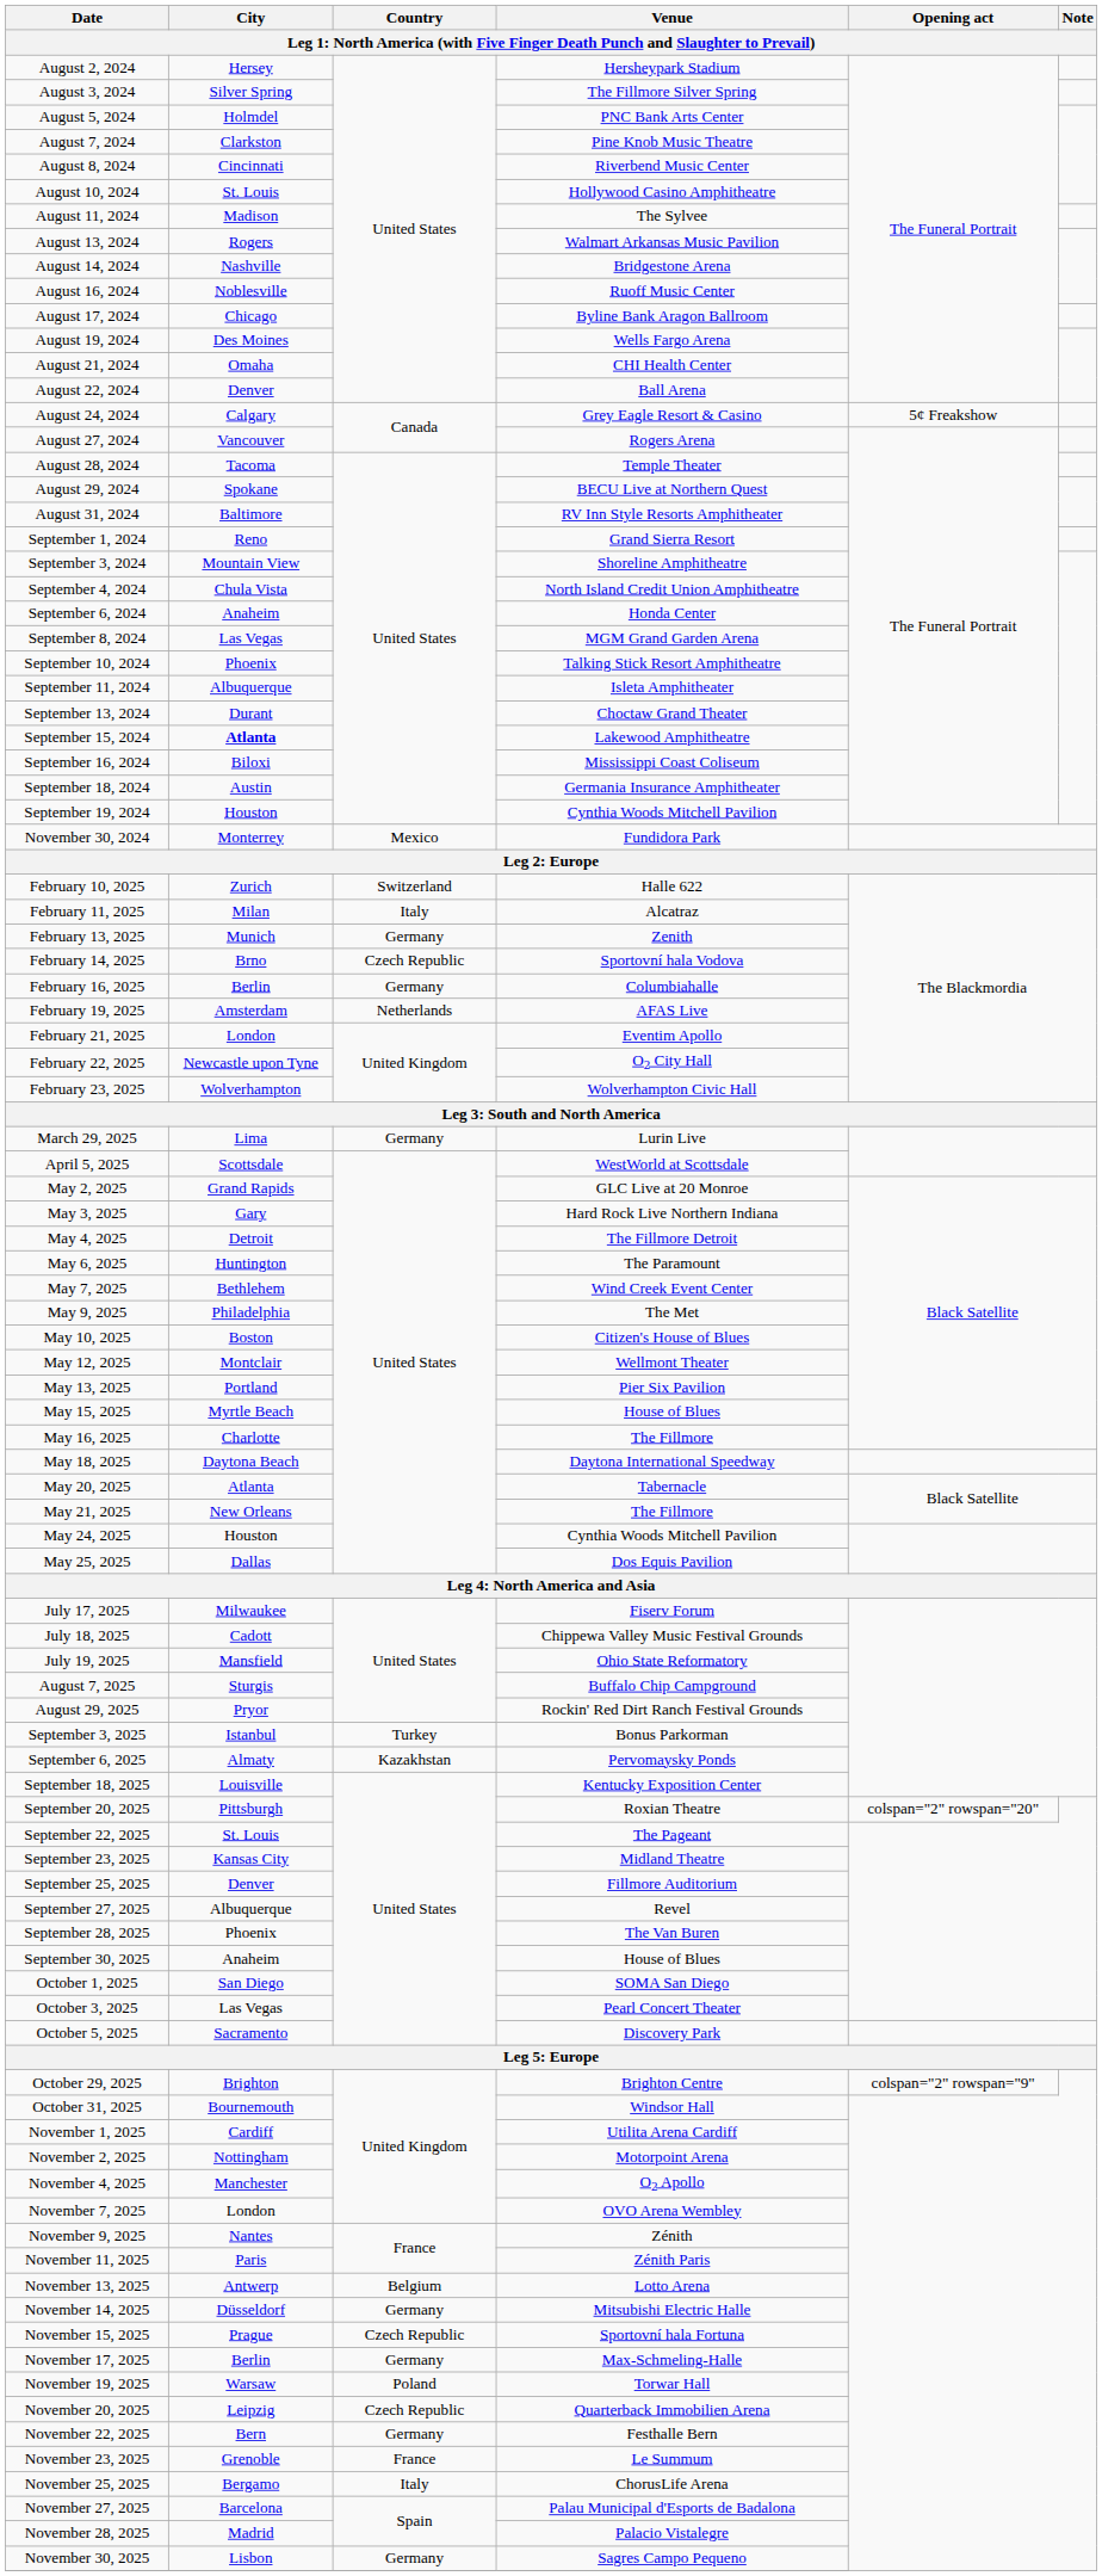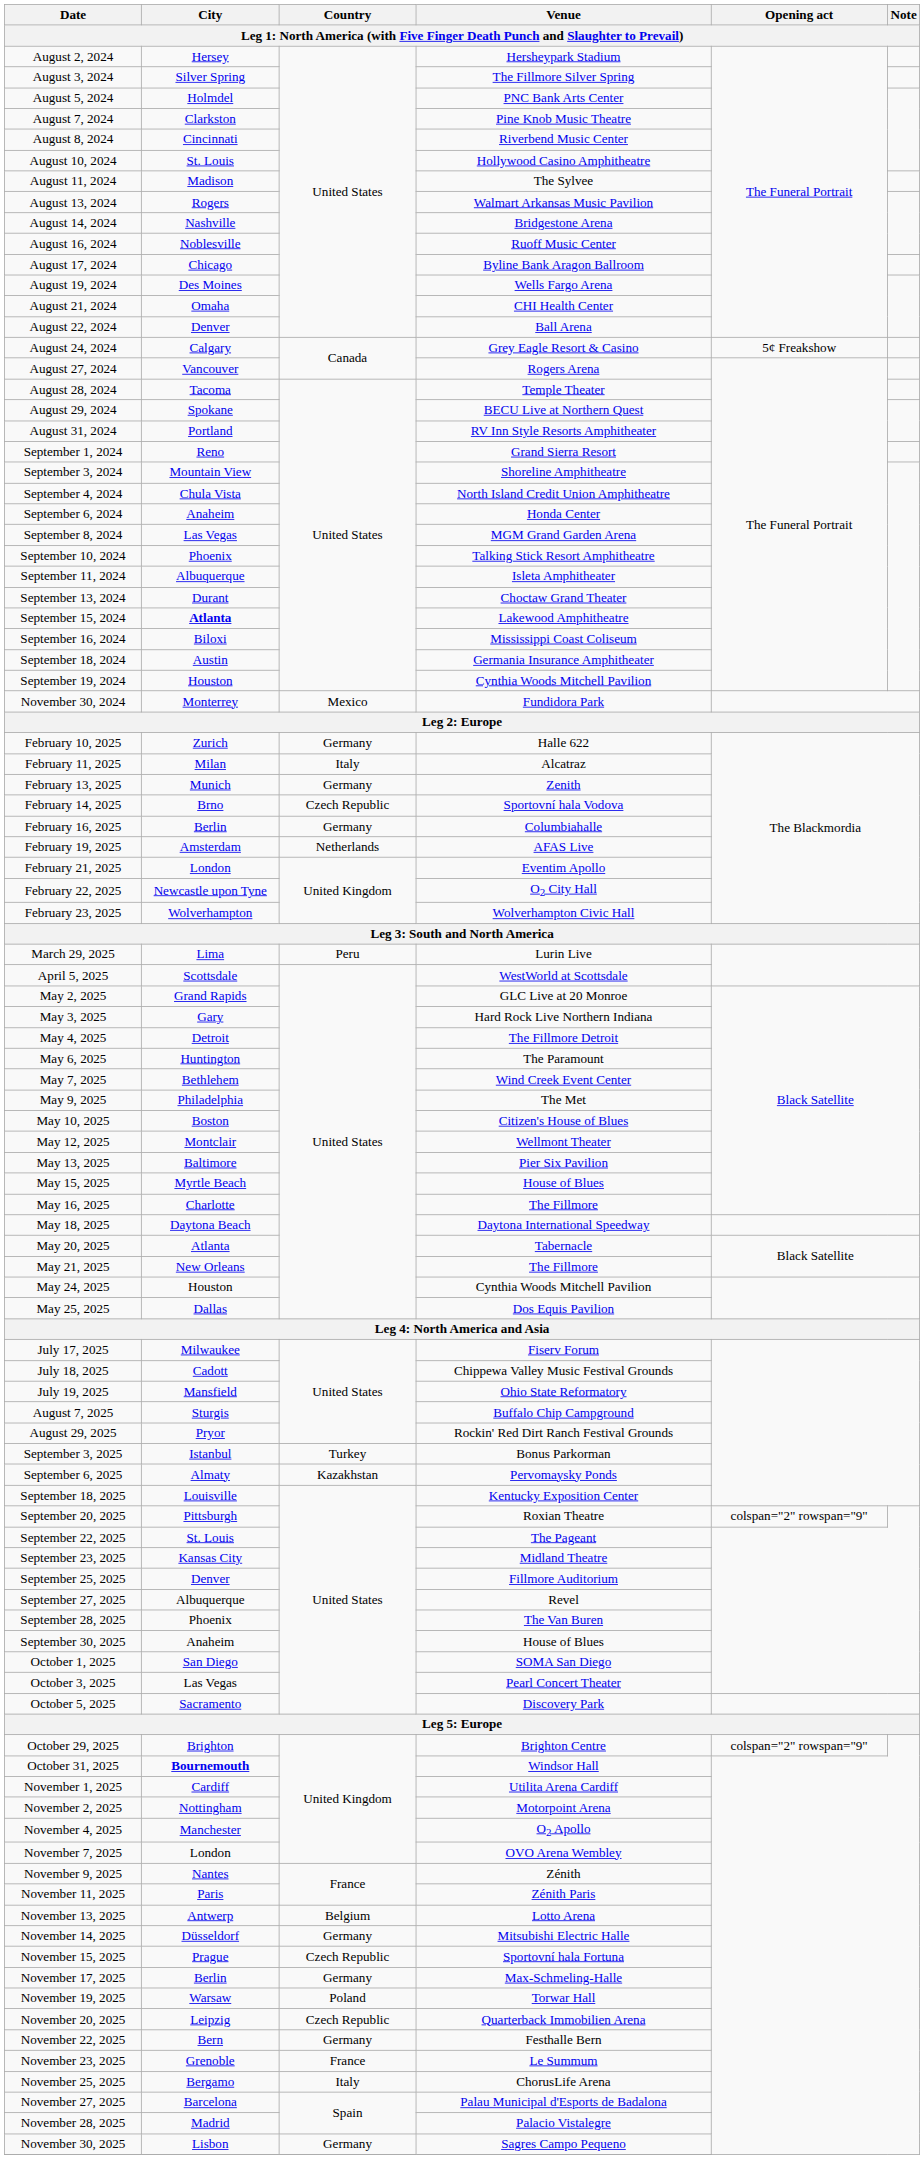 <table class="wikitable" style="text-align:center;">
 <tr>
 <th scope="col" style="width:10em;">Date</th>
 <th scope="col" style="width:10em;">City</th>
 <th scope="col" style="width:10em;">Country</th>
 <th scope="col" style="width:22em;">Venue</th>
 <th scope="col" style="width:13em;">Opening act</th>
 <th scope="col" style="width:2em;">Note</th>
 </tr>
 <tr>
 <th colspan="6">Leg 1: North America (with <a href='#'>Five Finger Death Punch</a> and <a href='#'>Slaughter to Prevail</a>)</th>
 </tr>
 <tr>
 <td>August 2, 2024</td>
 <td><a href='#'>Hersey</a></td>
 <td rowspan="14">United States</td>
 <td><a href='#'>Hersheypark Stadium</a></td>
 <td rowspan="14"><a href='#'>The Funeral Portrait</a></td>
 <td></td>
 </tr>
 <tr>
 <td>August 3, 2024</td>
 <td><a href='#'>Silver Spring</a></td>
 <td><a href='#'>The Fillmore Silver Spring</a></td>
 <td></td>
 </tr>
 <tr>
 <td>August 5, 2024</td>
 <td><a href='#'>Holmdel</a></td>
 <td><a href='#'>PNC Bank Arts Center</a></td>
 <td rowspan="4"></td>
 </tr>
 <tr>
 <td>August 7, 2024</td>
 <td><a href='#'>Clarkston</a></td>
 <td><a href='#'>Pine Knob Music Theatre</a></td>
 </tr>
 <tr>
 <td>August 8, 2024</td>
 <td><a href='#'>Cincinnati</a></td>
 <td><a href='#'>Riverbend Music Center</a></td>
 </tr>
 <tr>
 <td>August 10, 2024</td>
 <td><a href='#'>St. Louis</a></td>
 <td><a href='#'>Hollywood Casino Amphitheatre</a></td>
 </tr>
 <tr>
 <td>August 11, 2024</td>
 <td><a href='#'>Madison</a></td>
 <td>The Sylvee</td>
 <td></td>
 </tr>
 <tr>
 <td>August 13, 2024</td>
 <td><a href='#'>Rogers</a></td>
 <td><a href='#'>Walmart Arkansas Music Pavilion</a></td>
 <td rowspan="3"></td>
 </tr>
 <tr>
 <td>August 14, 2024</td>
 <td><a href='#'>Nashville</a></td>
 <td><a href='#'>Bridgestone Arena</a></td>
 </tr>
 <tr>
 <td>August 16, 2024</td>
 <td><a href='#'>Noblesville</a></td>
 <td><a href='#'>Ruoff Music Center</a></td>
 </tr>
 <tr>
 <td>August 17, 2024</td>
 <td><a href='#'>Chicago</a></td>
 <td><a href='#'>Byline Bank Aragon Ballroom</a></td>
 <td></td>
 </tr>
 <tr>
 <td>August 19, 2024</td>
 <td><a href='#'>Des Moines</a></td>
 <td><a href='#'>Wells Fargo Arena</a></td>
 <td rowspan="3"></td>
 </tr>
 <tr>
 <td>August 21, 2024</td>
 <td><a href='#'>Omaha</a></td>
 <td><a href='#'>CHI Health Center</a></td>
 </tr>
 <tr>
 <td>August 22, 2024</td>
 <td><a href='#'>Denver</a></td>
 <td><a href='#'>Ball Arena</a></td>
 </tr>
 <tr>
 <td>August 24, 2024</td>
 <td><a href='#'>Calgary</a></td>
 <td rowspan="2">Canada</td>
 <td><a href='#'>Grey Eagle Resort & Casino</a></td>
 <td>5¢ Freakshow</td>
 <td></td>
 </tr>
 <tr>
 <td>August 27, 2024</td>
 <td><a href='#'>Vancouver</a></td>
 <td><a href='#'>Rogers Arena</a></td>
 <td rowspan="16">The Funeral Portrait</td>
 <td></td>
 </tr>
 <tr>
 <td>August 28, 2024</td>
 <td><a href='#'>Tacoma</a></td>
 <td rowspan="15">United States</td>
 <td><a href='#'>Temple Theater</a></td>
 <td></td>
 </tr>
 <tr>
 <td>August 29, 2024</td>
 <td><a href='#'>Spokane</a></td>
 <td><a href='#'>BECU Live at Northern Quest</a></td>
 <td rowspan="2"></td>
 </tr>
 <tr>
 <td>August 31, 2024</td>
-<td><a href='#'>Baltimore</a></td>
+<td><a href='#'>Portland</a></td>
 <td><a href='#'>RV Inn Style Resorts Amphitheater</a></td>
 </tr>
 <tr>
 <td>September 1, 2024</td>
 <td><a href='#'>Reno</a></td>
 <td><a href='#'>Grand Sierra Resort</a></td>
 <td></td>
 </tr>
 <tr>
 <td>September 3, 2024</td>
 <td><a href='#'>Mountain View</a></td>
 <td><a href='#'>Shoreline Amphitheatre</a></td>
 <td rowspan="11"></td>
 </tr>
 <tr>
 <td>September 4, 2024</td>
 <td><a href='#'>Chula Vista</a></td>
 <td><a href='#'>North Island Credit Union Amphitheatre</a></td>
 </tr>
 <tr>
 <td>September 6, 2024</td>
 <td><a href='#'>Anaheim</a></td>
 <td><a href='#'>Honda Center</a></td>
 </tr>
 <tr>
 <td>September 8, 2024</td>
 <td><a href='#'>Las Vegas</a></td>
 <td><a href='#'>MGM Grand Garden Arena</a></td>
 </tr>
 <tr>
 <td>September 10, 2024</td>
 <td><a href='#'>Phoenix</a></td>
 <td><a href='#'>Talking Stick Resort Amphitheatre</a></td>
 </tr>
 <tr>
 <td>September 11, 2024</td>
 <td><a href='#'>Albuquerque</a></td>
 <td><a href='#'>Isleta Amphitheater</a></td>
 </tr>
 <tr>
 <td>September 13, 2024</td>
 <td><a href='#'>Durant</a></td>
 <td><a href='#'>Choctaw Grand Theater</a></td>
 </tr>
 <tr>
 <td>September 15, 2024</td>
 <td><strong><a href='#'>Atlanta</a></strong></td>
 <td><a href='#'>Lakewood Amphitheatre</a></td>
 </tr>
 <tr>
 <td>September 16, 2024</td>
 <td><a href='#'>Biloxi</a></td>
 <td><a href='#'>Mississippi Coast Coliseum</a></td>
 </tr>
 <tr>
 <td>September 18, 2024</td>
 <td><a href='#'>Austin</a></td>
 <td><a href='#'>Germania Insurance Amphitheater</a></td>
 </tr>
 <tr>
 <td>September 19, 2024</td>
 <td><a href='#'>Houston</a></td>
 <td><a href='#'>Cynthia Woods Mitchell Pavilion</a></td>
 </tr>
 <tr>
 <td>November 30, 2024</td>
 <td><a href='#'>Monterrey</a></td>
 <td>Mexico</td>
 <td><a href='#'>Fundidora Park</a></td>
 <td colspan="2"></td>
 </tr>
 <tr>
 <th colspan="6">Leg 2: Europe</th>
 </tr>
 <tr>
 <td>February 10, 2025</td>
 <td><a href='#'>Zurich</a></td>
-<td>Switzerland</td>
+<td>Germany</td>
 <td>Halle 622</td>
 <td colspan="2" rowspan="9">The Blackmordia</td>
 </tr>
 <tr>
 <td>February 11, 2025</td>
 <td><a href='#'>Milan</a></td>
 <td>Italy</td>
 <td>Alcatraz</td>
 </tr>
 <tr>
 <td>February 13, 2025</td>
 <td><a href='#'>Munich</a></td>
 <td>Germany</td>
 <td><a href='#'>Zenith</a></td>
 </tr>
 <tr>
 <td>February 14, 2025</td>
 <td><a href='#'>Brno</a></td>
 <td>Czech Republic</td>
 <td><a href='#'>Sportovní hala Vodova</a></td>
 </tr>
 <tr>
 <td>February 16, 2025</td>
 <td><a href='#'>Berlin</a></td>
 <td>Germany</td>
 <td><a href='#'>Columbiahalle</a></td>
 </tr>
 <tr>
 <td>February 19, 2025</td>
 <td><a href='#'>Amsterdam</a></td>
 <td>Netherlands</td>
 <td><a href='#'>AFAS Live</a></td>
 </tr>
 <tr>
 <td>February 21, 2025</td>
 <td><a href='#'>London</a></td>
 <td rowspan="3">United Kingdom</td>
 <td><a href='#'>Eventim Apollo</a></td>
 </tr>
 <tr>
 <td>February 22, 2025</td>
 <td><a href='#'>Newcastle upon Tyne</a></td>
 <td><a href='#'>O<sub>2</sub> City Hall</a></td>
 </tr>
 <tr>
 <td>February 23, 2025</td>
 <td><a href='#'>Wolverhampton</a></td>
 <td><a href='#'>Wolverhampton Civic Hall</a></td>
 </tr>
 <tr>
 <th colspan="6">Leg 3: South and North America</th>
 </tr>
 <tr>
 <td>March 29, 2025</td>
 <td><a href='#'>Lima</a></td>
-<td>Germany</td>
+<td>Peru</td>
 <td>Lurin Live</td>
 <td rowspan="2" colspan="2"></td>
 </tr>
 <tr>
 <td>April 5, 2025</td>
 <td><a href='#'>Scottsdale</a></td>
 <td rowspan="17">United States</td>
 <td><a href='#'>WestWorld at Scottsdale</a></td>
 </tr>
 <tr>
 <td>May 2, 2025</td>
 <td><a href='#'>Grand Rapids</a></td>
 <td>GLC Live at 20 Monroe</td>
 <td colspan="2" rowspan="11"><a href='#'>Black Satellite</a></td>
 </tr>
 <tr>
 <td>May 3, 2025</td>
 <td><a href='#'>Gary</a></td>
 <td>Hard Rock Live Northern Indiana</td>
 </tr>
 <tr>
 <td>May 4, 2025</td>
 <td><a href='#'>Detroit</a></td>
 <td><a href='#'>The Fillmore Detroit</a></td>
 </tr>
 <tr>
 <td>May 6, 2025</td>
 <td><a href='#'>Huntington</a></td>
 <td>The Paramount</td>
 </tr>
 <tr>
 <td>May 7, 2025</td>
 <td><a href='#'>Bethlehem</a></td>
 <td><a href='#'>Wind Creek Event Center</a></td>
 </tr>
 <tr>
 <td>May 9, 2025</td>
 <td><a href='#'>Philadelphia</a></td>
 <td>The Met</td>
 </tr>
 <tr>
 <td>May 10, 2025</td>
 <td><a href='#'>Boston</a></td>
 <td><a href='#'>Citizen's House of Blues</a></td>
 </tr>
 <tr>
 <td>May 12, 2025</td>
 <td><a href='#'>Montclair</a></td>
 <td><a href='#'>Wellmont Theater</a></td>
 </tr>
 <tr>
 <td>May 13, 2025</td>
-<td><a href='#'>Portland</a></td>
+<td><a href='#'>Baltimore</a></td>
 <td><a href='#'>Pier Six Pavilion</a></td>
 </tr>
 <tr>
 <td>May 15, 2025</td>
 <td><a href='#'>Myrtle Beach</a></td>
 <td><a href='#'>House of Blues</a></td>
 </tr>
 <tr>
 <td>May 16, 2025</td>
 <td><a href='#'>Charlotte</a></td>
 <td><a href='#'>The Fillmore</a></td>
 </tr>
 <tr>
 <td>May 18, 2025</td>
 <td><a href='#'>Daytona Beach</a></td>
 <td><a href='#'>Daytona International Speedway</a></td>
 <td colspan="2"></td>
 </tr>
 <tr>
 <td>May 20, 2025</td>
 <td><a href='#'>Atlanta</a></td>
 <td><a href='#'>Tabernacle</a></td>
 <td colspan="2" rowspan="2">Black Satellite</td>
 </tr>
 <tr>
 <td>May 21, 2025</td>
 <td><a href='#'>New Orleans</a></td>
 <td><a href='#'>The Fillmore</a></td>
 </tr>
 <tr>
 <td>May 24, 2025</td>
 <td>Houston</td>
 <td>Cynthia Woods Mitchell Pavilion</td>
 <td rowspan="2" colspan="2"></td>
 </tr>
 <tr>
 <td>May 25, 2025</td>
 <td><a href='#'>Dallas</a></td>
 <td><a href='#'>Dos Equis Pavilion</a></td>
 </tr>
 <tr>
 <th colspan="6">Leg 4: North America and Asia</th>
 </tr>
 <tr>
 <td>July 17, 2025</td>
 <td><a href='#'>Milwaukee</a></td>
 <td rowspan="5">United States</td>
 <td><a href='#'>Fiserv Forum</a></td>
 <td rowspan="8" colspan="2"></td>
 </tr>
 <tr>
 <td>July 18, 2025</td>
 <td><a href='#'>Cadott</a></td>
 <td>Chippewa Valley Music Festival Grounds</td>
 </tr>
 <tr>
 <td>July 19, 2025</td>
 <td><a href='#'>Mansfield</a></td>
 <td><a href='#'>Ohio State Reformatory</a></td>
 </tr>
 <tr>
 <td>August 7, 2025</td>
 <td><a href='#'>Sturgis</a></td>
 <td><a href='#'>Buffalo Chip Campground</a></td>
 </tr>
 <tr>
 <td>August 29, 2025</td>
 <td><a href='#'>Pryor</a></td>
 <td>Rockin' Red Dirt Ranch Festival Grounds</td>
 </tr>
 <tr>
 <td>September 3, 2025</td>
 <td><a href='#'>Istanbul</a></td>
 <td>Turkey</td>
 <td>Bonus Parkorman</td>
 </tr>
 <tr>
 <td>September 6, 2025</td>
 <td><a href='#'>Almaty</a></td>
 <td>Kazakhstan</td>
 <td><a href='#'>Pervomaysky Ponds</a></td>
 </tr>
 <tr>
 <td>September 18, 2025</td>
 <td><a href='#'>Louisville</a></td>
 <td rowspan="11">United States</td>
 <td><a href='#'>Kentucky Exposition Center</a></td>
 </tr>
 <tr>
 <td>September 20, 2025</td>
 <td><a href='#'>Pittsburgh</a></td>
 <td>Roxian Theatre</td>
-<td>colspan="2" rowspan="20" </td>
+<td>colspan="2" rowspan="9" </td>
 </tr>
 <tr>
 <td>September 22, 2025</td>
 <td><a href='#'>St. Louis</a></td>
 <td><a href='#'>The Pageant</a></td>
 </tr>
 <tr>
 <td>September 23, 2025</td>
 <td><a href='#'>Kansas City</a></td>
 <td><a href='#'>Midland Theatre</a></td>
 </tr>
 <tr>
 <td>September 25, 2025</td>
 <td><a href='#'>Denver</a></td>
 <td><a href='#'>Fillmore Auditorium</a></td>
 </tr>
 <tr>
 <td>September 27, 2025</td>
 <td>Albuquerque</td>
 <td>Revel</td>
 </tr>
 <tr>
 <td>September 28, 2025</td>
 <td>Phoenix</td>
 <td><a href='#'>The Van Buren</a></td>
 </tr>
 <tr>
 <td>September 30, 2025</td>
 <td>Anaheim</td>
 <td>House of Blues</td>
 </tr>
 <tr>
 <td>October 1, 2025</td>
 <td><a href='#'>San Diego</a></td>
 <td><a href='#'>SOMA San Diego</a></td>
 </tr>
 <tr>
 <td>October 3, 2025</td>
 <td>Las Vegas</td>
 <td><a href='#'>Pearl Concert Theater</a></td>
 </tr>
 <tr>
 <td>October 5, 2025</td>
 <td><a href='#'>Sacramento</a></td>
 <td><a href='#'>Discovery Park</a></td>
 <td colspan="2"></td>
 </tr>
 <tr>
 <th colspan="6">Leg 5: Europe</th>
 </tr>
 <tr>
 <td>October 29, 2025</td>
 <td><a href='#'>Brighton</a></td>
 <td rowspan="6">United Kingdom</td>
 <td><a href='#'>Brighton Centre</a></td>
 <td>colspan="2" rowspan="9" </td>
 </tr>
 <tr>
 <td>October 31, 2025</td>
-<td><a href='#'>Bournemouth</a></td>
+<td><strong><a href='#'>Bournemouth</a></strong></td>
 <td><a href='#'>Windsor Hall</a></td>
 </tr>
 <tr>
 <td>November 1, 2025</td>
 <td><a href='#'>Cardiff</a></td>
 <td><a href='#'>Utilita Arena Cardiff</a></td>
 </tr>
 <tr>
 <td>November 2, 2025</td>
 <td><a href='#'>Nottingham</a></td>
 <td><a href='#'>Motorpoint Arena</a></td>
 </tr>
 <tr>
 <td>November 4, 2025</td>
 <td><a href='#'>Manchester</a></td>
 <td><a href='#'>O<sub>2</sub> Apollo</a></td>
 </tr>
 <tr>
 <td>November 7, 2025</td>
 <td>London</td>
 <td><a href='#'>OVO Arena Wembley</a></td>
 </tr>
 <tr>
 <td>November 9, 2025</td>
 <td><a href='#'>Nantes</a></td>
 <td rowspan="2">France</td>
 <td>Zénith</td>
 </tr>
 <tr>
 <td>November 11, 2025</td>
 <td><a href='#'>Paris</a></td>
 <td><a href='#'>Zénith Paris</a></td>
 </tr>
 <tr>
 <td>November 13, 2025</td>
 <td><a href='#'>Antwerp</a></td>
 <td>Belgium</td>
 <td><a href='#'>Lotto Arena</a></td>
 </tr>
 <tr>
 <td>November 14, 2025</td>
 <td><a href='#'>Düsseldorf</a></td>
 <td>Germany</td>
 <td><a href='#'>Mitsubishi Electric Halle</a></td>
 </tr>
 <tr>
 <td>November 15, 2025</td>
 <td><a href='#'>Prague</a></td>
 <td>Czech Republic</td>
 <td><a href='#'>Sportovní hala Fortuna</a></td>
 </tr>
 <tr>
 <td>November 17, 2025</td>
 <td><a href='#'>Berlin</a></td>
 <td>Germany</td>
 <td><a href='#'>Max-Schmeling-Halle</a></td>
 </tr>
 <tr>
 <td>November 19, 2025</td>
 <td><a href='#'>Warsaw</a></td>
 <td>Poland</td>
 <td><a href='#'>Torwar Hall</a></td>
 </tr>
 <tr>
 <td>November 20, 2025</td>
 <td><a href='#'>Leipzig</a></td>
 <td>Czech Republic</td>
 <td><a href='#'>Quarterback Immobilien Arena</a></td>
 </tr>
 <tr>
 <td>November 22, 2025</td>
 <td><a href='#'>Bern</a></td>
 <td>Germany</td>
 <td>Festhalle Bern</td>
 </tr>
 <tr>
 <td>November 23, 2025</td>
 <td><a href='#'>Grenoble</a></td>
 <td>France</td>
 <td><a href='#'>Le Summum</a></td>
 </tr>
 <tr>
 <td>November 25, 2025</td>
 <td><a href='#'>Bergamo</a></td>
 <td>Italy</td>
 <td>ChorusLife Arena</td>
 </tr>
 <tr>
 <td>November 27, 2025</td>
 <td><a href='#'>Barcelona</a></td>
 <td rowspan="2">Spain</td>
 <td><a href='#'>Palau Municipal d'Esports de Badalona</a></td>
 </tr>
 <tr>
 <td>November 28, 2025</td>
 <td><a href='#'>Madrid</a></td>
 <td><a href='#'>Palacio Vistalegre</a></td>
 </tr>
 <tr>
 <td>November 30, 2025</td>
 <td><a href='#'>Lisbon</a></td>
 <td>Germany</td>
 <td><a href='#'>Sagres Campo Pequeno</a></td>
 </tr>
 <tr>
 </tr>
 </table>
